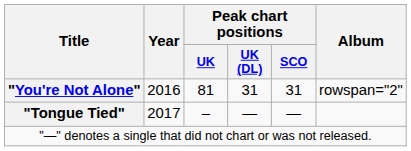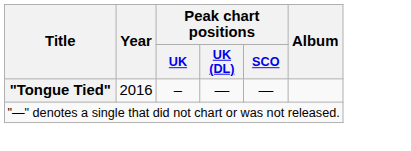 <table class="wikitable plainrowheaders" style="text-align:center;">
 <tr>
 <th scope="col" rowspan="2">Title</th>
 <th scope="col" rowspan="2" style="width:1em;">Year</th>
 <th scope="col" colspan="3">Peak chart positions</th>
 <th scope="col" rowspan="2">Album</th>
 </tr>
 <tr>
 <th scope="col" style="width:3em;font-size:85%;"><a href='#'>UK</a><br></th>
 <th scope="col" style="width:3em;font-size:85%;"><a href='#'>UK<br>(DL)</a><br></th>
 <th scope="col" style="width:3em;font-size:85%;"><a href='#'>SCO</a><br></th>
 </tr>
 <tr>
-<th scope="row">"<a href='#'>You're Not Alone</a>"</th>
+<th scope="row">"Tongue Tied"</th>
 <td>2016</td>
-<td>81</td>
-<td>31</td>
-<td>31</td>
-<td>rowspan="2" </td>
-</tr>
-<tr>
-<th scope="row">"Tongue Tied"</th>
-<td>2017</td>
 <td>–</td>
 <td>—</td>
 <td>—</td>
 </tr>
 <tr>
 <td colspan="6" style="font-size:85%">"—" denotes a single that did not chart or was not released.</td>
 </tr>
 </table>
